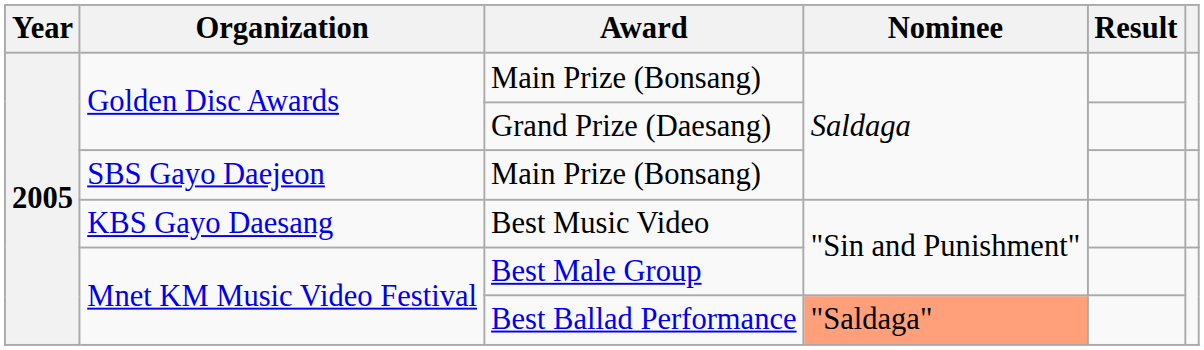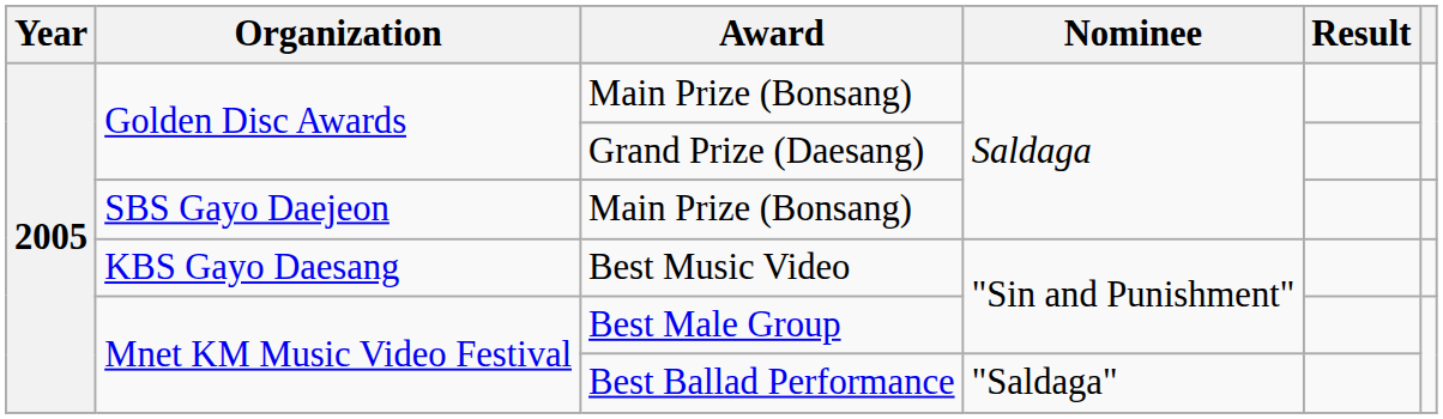 <table class="wikitable plainrowheaders">
 <tr>
 <th scope="col">Year</th>
 <th scope="col">Organization</th>
 <th scope="col">Award</th>
 <th scope="col">Nominee</th>
 <th scope="col">Result</th>
 <th scope="col"></th>
 </tr>
 <tr>
 <th scope="row" rowspan="6">2005</th>
 <td rowspan="2"><a href='#'>Golden Disc Awards</a></td>
 <td>Main Prize (Bonsang)</td>
 <td rowspan="3"><em>Saldaga</em></td>
 <td></td>
 <td rowspan="2" style="text-align:center;"></td>
 </tr>
 <tr>
 <td>Grand Prize (Daesang)</td>
 <td></td>
 </tr>
 <tr>
 <td><a href='#'>SBS Gayo Daejeon</a></td>
 <td>Main Prize (Bonsang)</td>
 <td></td>
 <td style="text-align:center;"></td>
 </tr>
 <tr>
 <td><a href='#'>KBS Gayo Daesang</a></td>
 <td>Best Music Video</td>
 <td rowspan="2">"Sin and Punishment"</td>
 <td></td>
 <td style="text-align:center;"></td>
 </tr>
 <tr>
 <td rowspan="2"><a href='#'>Mnet KM Music Video Festival</a></td>
 <td><a href='#'>Best Male Group</a></td>
 <td></td>
 <td style="text-align:center;" rowspan="2"></td>
 </tr>
 <tr>
 <td><a href='#'>Best Ballad Performance</a></td>
-<td style="background: lightsalmon;">"Saldaga"</td>
+<td>"Saldaga"</td>
 <td></td>
 </tr>
 </table>
